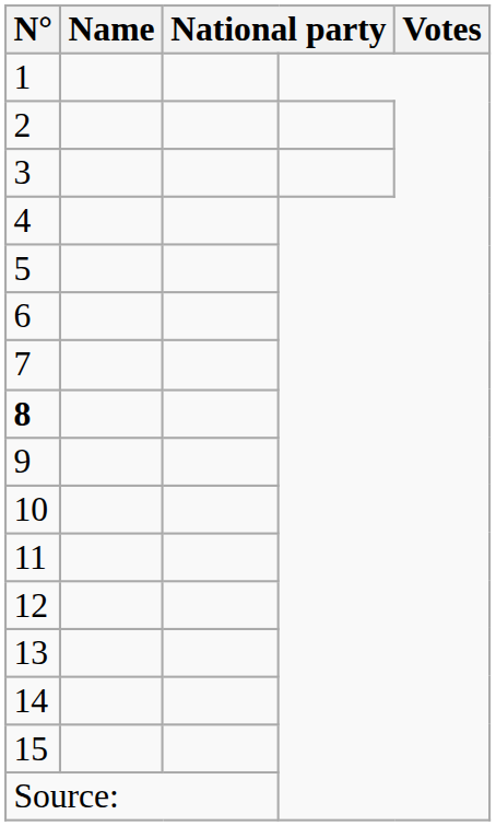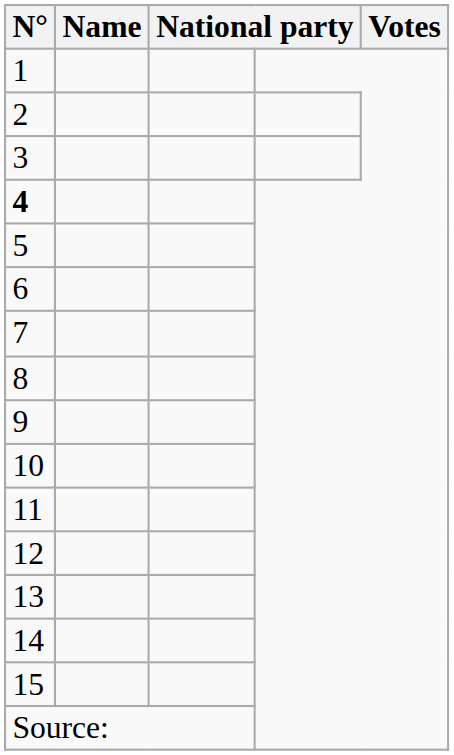 <table class="wikitable sortable" style="font-size:95%;line-height:14px;">
 <tr>
 <th>N°</th>
 <th>Name</th>
 <th colspan="2">National party</th>
 <th>Votes</th>
 </tr>
 <tr>
 <td>1</td>
 <td></td>
 <td></td>
 </tr>
 <tr>
 <td>2</td>
 <td></td>
 <td></td>
 <td></td>
 </tr>
 <tr>
 <td>3</td>
 <td></td>
 <td></td>
 <td></td>
 </tr>
 <tr>
-<td>4</td>
+<td><strong>4</strong></td>
 <td></td>
 <td></td>
 </tr>
 <tr>
 <td>5</td>
 <td></td>
 <td></td>
 </tr>
 <tr>
 <td>6</td>
 <td></td>
 <td></td>
 </tr>
 <tr>
 <td>7</td>
 <td></td>
 <td></td>
 </tr>
 <tr>
-<td><strong>8</strong></td>
+<td>8</td>
 <td></td>
 <td></td>
 </tr>
 <tr>
 <td>9</td>
 <td></td>
 <td></td>
 </tr>
 <tr>
 <td>10</td>
 <td></td>
 <td></td>
 </tr>
 <tr>
 <td>11</td>
 <td></td>
 <td></td>
 </tr>
 <tr>
 <td>12</td>
 <td></td>
 <td></td>
 </tr>
 <tr>
 <td>13</td>
 <td></td>
 <td></td>
 </tr>
 <tr>
 <td>14</td>
 <td></td>
 <td></td>
 </tr>
 <tr>
 <td>15</td>
 <td></td>
 <td></td>
 </tr>
 <tr>
 <td colspan="3">Source: </td>
 </tr>
 </table>
